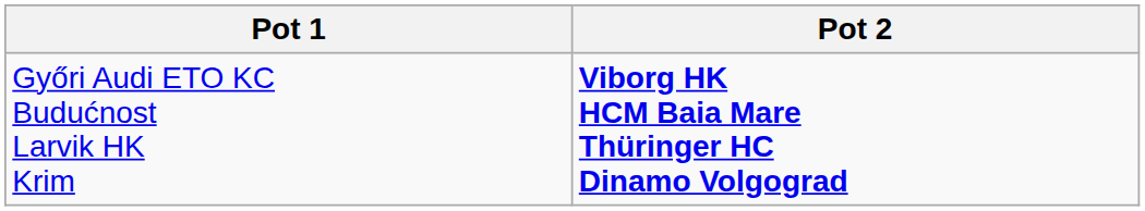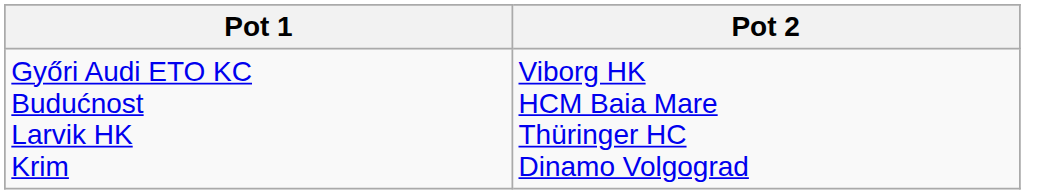 <table class="wikitable">
 <tr>
 <th width=25%>Pot 1</th>
 <th width=25%>Pot 2</th>
 </tr>
 <tr>
 <td valign="top"> <a href='#'>Győri Audi ETO KC</a><br> <a href='#'>Budućnost</a><br> <a href='#'>Larvik HK</a><br> <a href='#'>Krim</a></td>
-<td valign="top"><strong> <a href='#'>Viborg HK</a><br> <a href='#'>HCM Baia Mare</a><br> <a href='#'>Thüringer HC</a><br> <a href='#'>Dinamo Volgograd</a></strong></td>
+<td valign="top"> <a href='#'>Viborg HK</a><br> <a href='#'>HCM Baia Mare</a><br> <a href='#'>Thüringer HC</a><br> <a href='#'>Dinamo Volgograd</a></td>
 </tr>
 </table>
